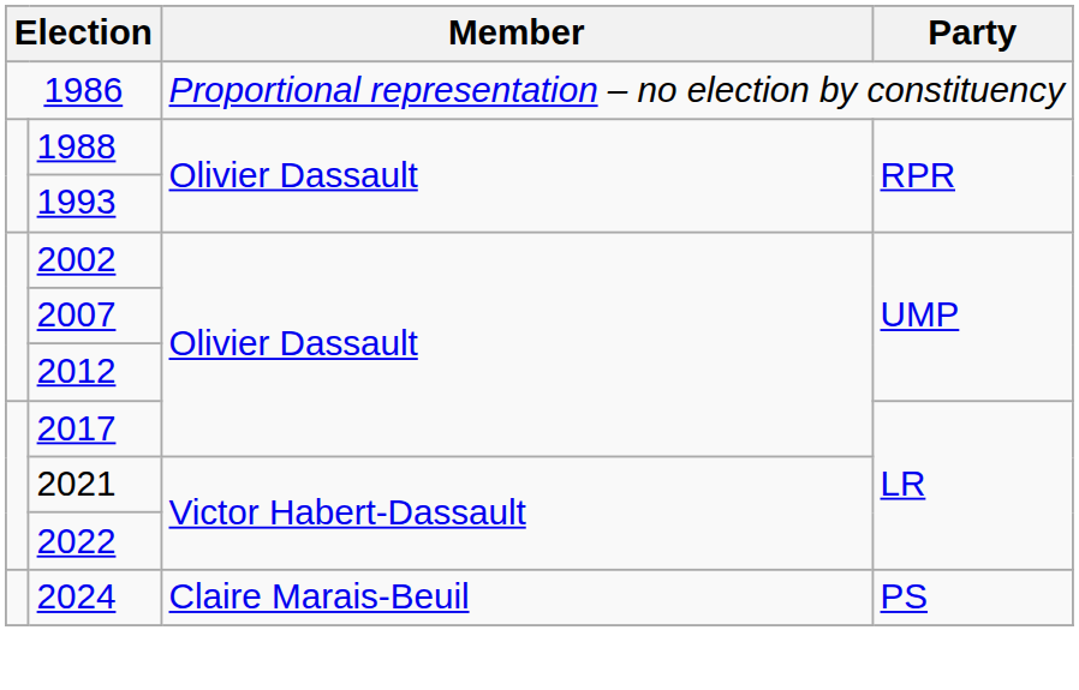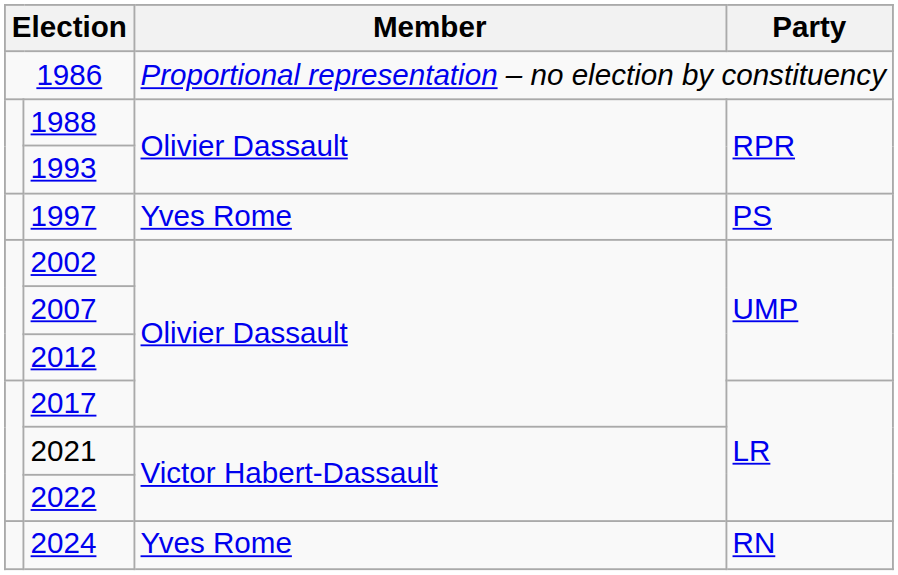 <table class="wikitable">
 <tr>
 <th colspan="2">Election</th>
 <th>Member</th>
 <th>Party</th>
 </tr>
 <tr>
 <td colspan="2" align="center"><a href='#'>1986</a></td>
 <td colspan="2"><em><a href='#'>Proportional representation</a> – no election by constituency</em></td>
 </tr>
 <tr>
 <td rowspan="2" style="color:inherit;background-color: "></td>
 <td><a href='#'>1988</a></td>
 <td rowspan="2"><a href='#'>Olivier Dassault</a></td>
 <td rowspan="2"><a href='#'>RPR</a></td>
 </tr>
 <tr>
 <td><a href='#'>1993</a></td>
+</tr>
+<tr>
+<td style="color:inherit;background-color: "></td>
+<td><a href='#'>1997</a></td>
+<td><a href='#'>Yves Rome</a></td>
+<td><a href='#'>PS</a></td>
 </tr>
 <tr>
 <td rowspan="3" style="color:inherit;background-color: "></td>
 <td><a href='#'>2002</a></td>
 <td rowspan="4"><a href='#'>Olivier Dassault</a></td>
 <td rowspan="3"><a href='#'>UMP</a></td>
 </tr>
 <tr>
 <td><a href='#'>2007</a></td>
 </tr>
 <tr>
 <td><a href='#'>2012</a></td>
 </tr>
 <tr>
 <td rowspan="3" style="color:inherit;background-color: "></td>
 <td><a href='#'>2017</a></td>
 <td rowspan="3"><a href='#'>LR</a></td>
 </tr>
 <tr>
 <td>2021</td>
 <td rowspan="2"><a href='#'>Victor Habert-Dassault</a></td>
 </tr>
 <tr>
 <td><a href='#'>2022</a></td>
 </tr>
 <tr>
 <td style="color:inherit;background-color: "></td>
 <td><a href='#'>2024</a></td>
-<td><a href='#'>Claire Marais-Beuil</a></td>
-<td><a href='#'>PS</a></td>
+<td><a href='#'>Yves Rome</a></td>
+<td><a href='#'>RN</a></td>
 </tr>
 </table>
